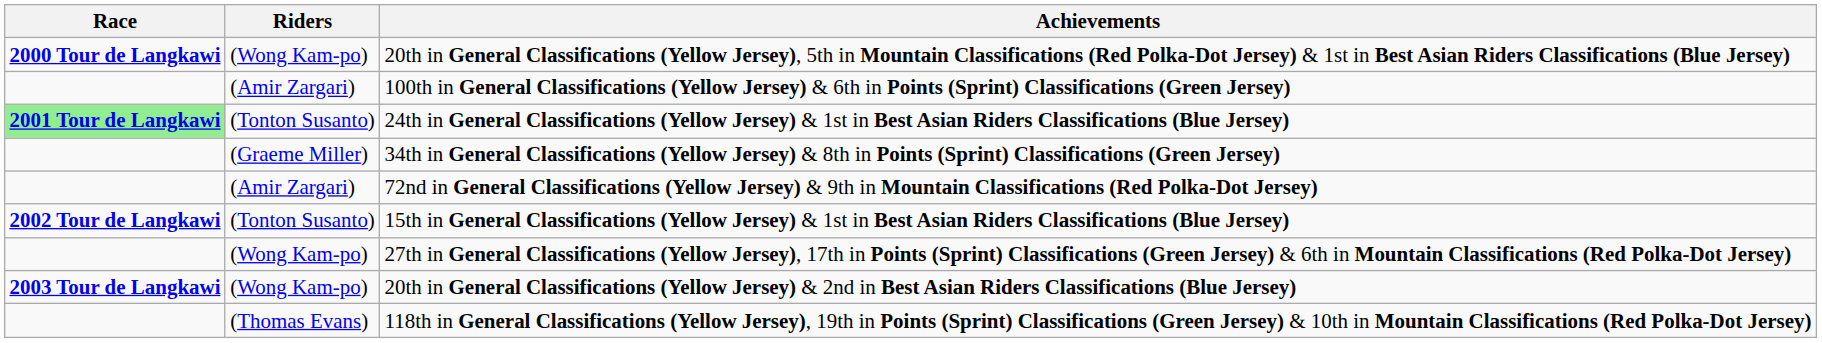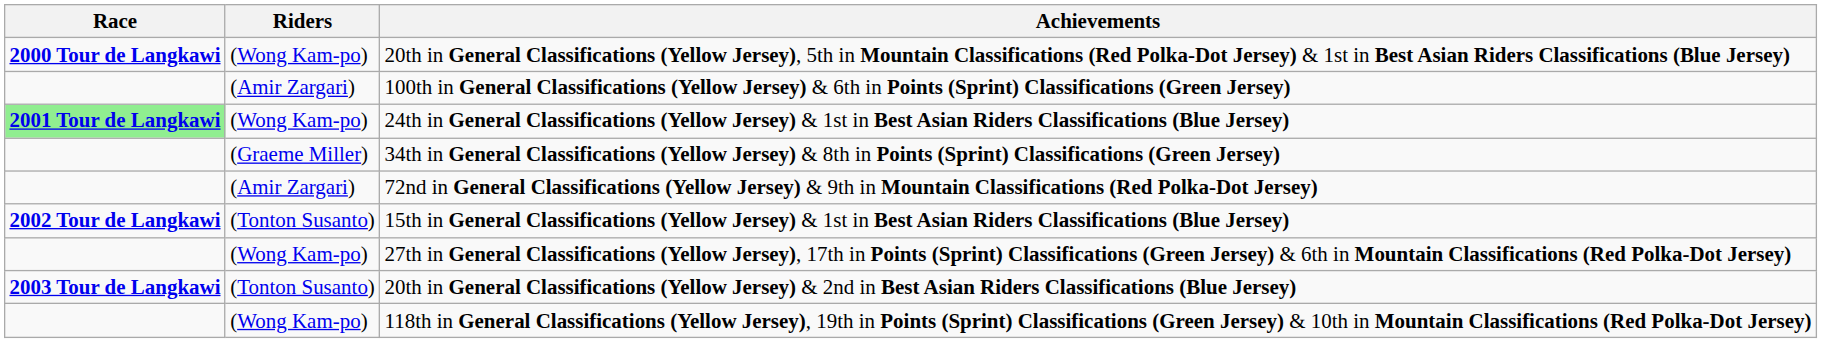 <table class="wikitable">
 <tr>
 <th Align=Left>Race</th>
 <th Align=Left>Riders</th>
 <th Align=Left>Achievements</th>
 </tr>
 <tr>
 <td><strong><a href='#'>2000 Tour de Langkawi</a></strong></td>
 <td VAlign=Top>(<a href='#'>Wong Kam-po</a>)</td>
 <td>20th in <strong>General Classifications (Yellow Jersey)</strong>, 5th in <strong>Mountain Classifications (Red Polka-Dot Jersey)</strong> & 1st in <strong>Best Asian Riders Classifications (Blue Jersey)</strong></td>
 </tr>
 <tr>
 <td></td>
 <td VAlign=Top>(<a href='#'>Amir Zargari</a>)</td>
 <td>100th in <strong>General Classifications (Yellow Jersey)</strong> & 6th in <strong>Points (Sprint) Classifications (Green Jersey)</strong></td>
 </tr>
 <tr>
 <td VAlign=Top style="background: lightgreen;"><strong><a href='#'>2001 Tour de Langkawi</a></strong></td>
-<td VAlign=Top>(<a href='#'>Tonton Susanto</a>)</td>
+<td VAlign=Top>(<a href='#'>Wong Kam-po</a>)</td>
 <td VAlign=Top>24th in <strong>General Classifications (Yellow Jersey)</strong> & 1st in <strong>Best Asian Riders Classifications (Blue Jersey)</strong></td>
 </tr>
 <tr>
 <td VAlign=Top></td>
 <td VAlign=Top>(<a href='#'>Graeme Miller</a>)</td>
 <td VAlign=Top>34th in <strong>General Classifications (Yellow Jersey)</strong> & 8th in <strong>Points (Sprint) Classifications (Green Jersey)</strong></td>
 </tr>
 <tr>
 <td VAlign=Top></td>
 <td VAlign=Top>(<a href='#'>Amir Zargari</a>)</td>
 <td VAlign=Top>72nd in <strong>General Classifications (Yellow Jersey)</strong> & 9th in <strong>Mountain Classifications (Red Polka-Dot Jersey)</strong></td>
 </tr>
 <tr>
 <td VAlign=Top><strong><a href='#'>2002 Tour de Langkawi</a> </strong></td>
 <td VAlign=Top>(<a href='#'>Tonton Susanto</a>)</td>
 <td VAlign=Top>15th in <strong>General Classifications (Yellow Jersey)</strong> & 1st in <strong>Best Asian Riders Classifications (Blue Jersey)</strong></td>
 </tr>
 <tr>
 <td VAlign=Top></td>
 <td VAlign=Top>(<a href='#'>Wong Kam-po</a>)</td>
 <td VAlign=Top>27th in <strong>General Classifications (Yellow Jersey)</strong>, 17th in <strong>Points (Sprint) Classifications (Green Jersey)</strong> & 6th in <strong>Mountain Classifications (Red Polka-Dot Jersey)</strong></td>
 </tr>
 <tr>
 <td VAlign=Top><strong><a href='#'>2003 Tour de Langkawi</a></strong></td>
-<td VAlign=Top>(<a href='#'>Wong Kam-po</a>)</td>
+<td VAlign=Top>(<a href='#'>Tonton Susanto</a>)</td>
 <td VAlign=Top>20th in <strong>General Classifications (Yellow Jersey)</strong> & 2nd in <strong>Best Asian Riders Classifications (Blue Jersey)</strong></td>
 </tr>
 <tr>
 <td VAlign=Top></td>
-<td VAlign=Top>(<a href='#'>Thomas Evans</a>)</td>
+<td VAlign=Top>(<a href='#'>Wong Kam-po</a>)</td>
 <td VAlign=Top>118th in <strong>General Classifications (Yellow Jersey)</strong>, 19th in <strong>Points (Sprint) Classifications (Green Jersey)</strong> & 10th in <strong>Mountain Classifications (Red Polka-Dot Jersey)</strong></td>
 </tr>
 </table>
